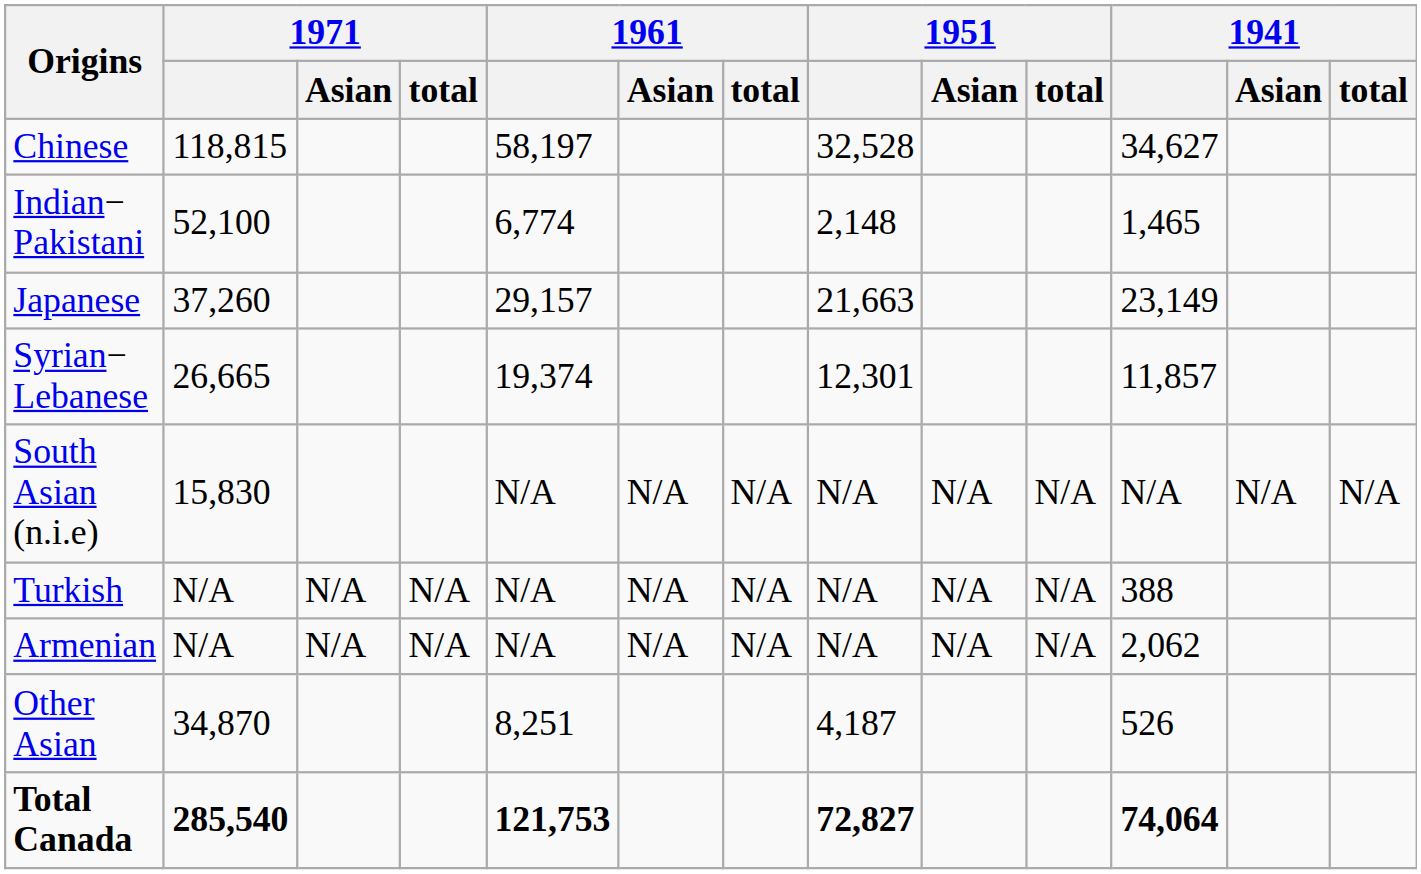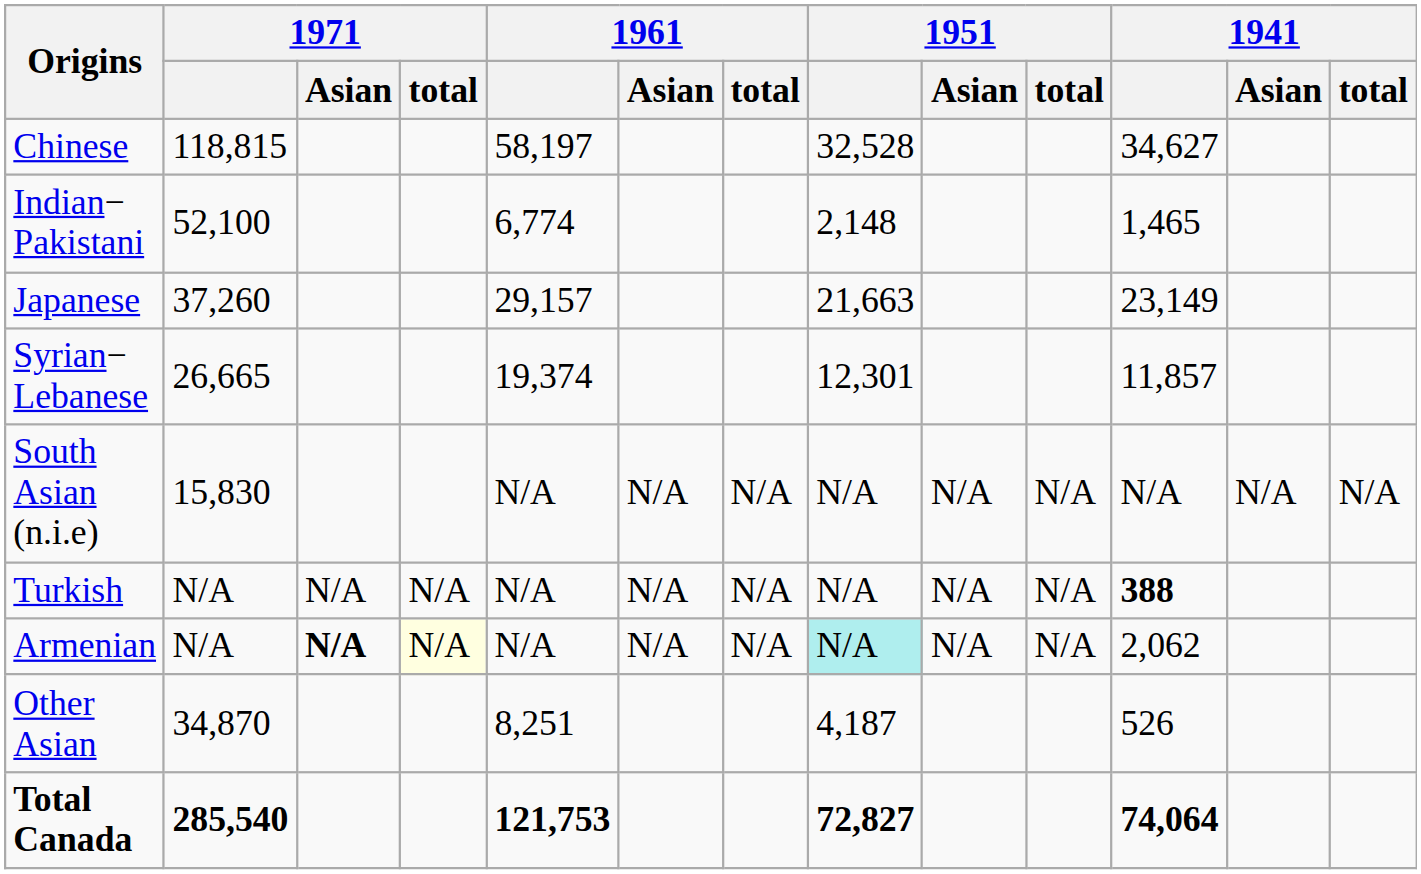 <table class="wikitable collapsible collapsed sortable">
 <tr>
 <th rowspan="2">Origins</th>
 <th colspan="3"><a href='#'>1971</a></th>
 <th colspan="3"><a href='#'>1961</a></th>
 <th colspan="3"><a href='#'>1951</a></th>
 <th colspan="3"><a href='#'>1941</a></th>
 </tr>
 <tr>
 <th><a href='#'></a></th>
 <th> Asian </th>
 <th> total </th>
 <th></th>
 <th> Asian </th>
 <th> total </th>
 <th></th>
 <th> Asian </th>
 <th> total </th>
 <th></th>
 <th> Asian </th>
 <th> total </th>
 </tr>
 <tr>
 <td><a href='#'>Chinese</a></td>
 <td>118,815</td>
 <td></td>
 <td></td>
 <td>58,197</td>
 <td></td>
 <td></td>
 <td>32,528</td>
 <td></td>
 <td></td>
 <td>34,627</td>
 <td></td>
 <td></td>
 </tr>
 <tr>
 <td><a href='#'>Indian</a>−<br><a href='#'>Pakistani</a></td>
 <td>52,100</td>
 <td></td>
 <td></td>
 <td>6,774</td>
 <td></td>
 <td></td>
 <td>2,148</td>
 <td></td>
 <td></td>
 <td>1,465</td>
 <td></td>
 <td></td>
 </tr>
 <tr>
 <td><a href='#'>Japanese</a></td>
 <td>37,260</td>
 <td></td>
 <td></td>
 <td>29,157</td>
 <td></td>
 <td></td>
 <td>21,663</td>
 <td></td>
 <td></td>
 <td>23,149</td>
 <td></td>
 <td></td>
 </tr>
 <tr>
 <td><a href='#'>Syrian</a>−<br><a href='#'>Lebanese</a></td>
 <td>26,665</td>
 <td></td>
 <td></td>
 <td>19,374</td>
 <td></td>
 <td></td>
 <td>12,301</td>
 <td></td>
 <td></td>
 <td>11,857</td>
 <td></td>
 <td></td>
 </tr>
 <tr>
 <td><a href='#'>South<br>Asian</a><br>(n.i.e)</td>
 <td>15,830</td>
 <td></td>
 <td></td>
 <td>N/A</td>
 <td>N/A</td>
 <td>N/A</td>
 <td>N/A</td>
 <td>N/A</td>
 <td>N/A</td>
 <td>N/A</td>
 <td>N/A</td>
 <td>N/A</td>
 </tr>
 <tr>
 <td><a href='#'>Turkish</a></td>
 <td>N/A</td>
 <td>N/A</td>
 <td>N/A</td>
 <td>N/A</td>
 <td>N/A</td>
 <td>N/A</td>
 <td>N/A</td>
 <td>N/A</td>
 <td>N/A</td>
-<td>388</td>
+<td><strong>388</strong></td>
 <td></td>
 <td></td>
 </tr>
 <tr>
 <td><a href='#'>Armenian</a></td>
 <td>N/A</td>
+<td><strong>N/A</strong></td>
+<td style="background: lightyellow;">N/A</td>
 <td>N/A</td>
 <td>N/A</td>
 <td>N/A</td>
-<td>N/A</td>
-<td>N/A</td>
-<td>N/A</td>
+<td style="background: paleturquoise;">N/A</td>
 <td>N/A</td>
 <td>N/A</td>
 <td>2,062</td>
 <td></td>
 <td></td>
 </tr>
 <tr>
 <td><a href='#'>Other<br>Asian</a></td>
 <td>34,870</td>
 <td></td>
 <td></td>
 <td>8,251</td>
 <td></td>
 <td></td>
 <td>4,187</td>
 <td></td>
 <td></td>
 <td>526</td>
 <td></td>
 <td></td>
 </tr>
 <tr>
 <td> <strong>Total<br>Canada</strong></td>
 <td><strong>285,540</strong></td>
 <td><strong></strong></td>
 <td><strong></strong></td>
 <td><strong>121,753 </strong></td>
 <td><strong></strong></td>
 <td><strong></strong></td>
 <td><strong>72,827</strong></td>
 <td><strong></strong></td>
 <td><strong></strong></td>
 <td><strong>74,064</strong></td>
 <td><strong></strong></td>
 <td><strong></strong></td>
 </tr>
 </table>
